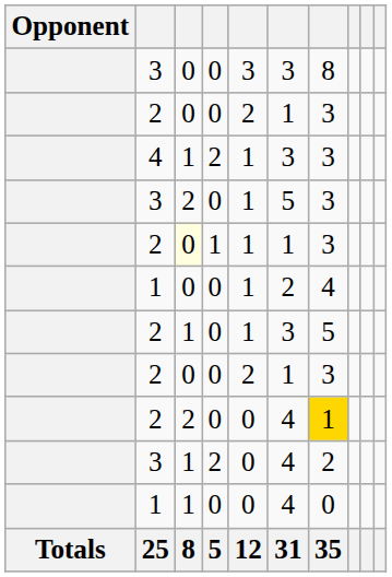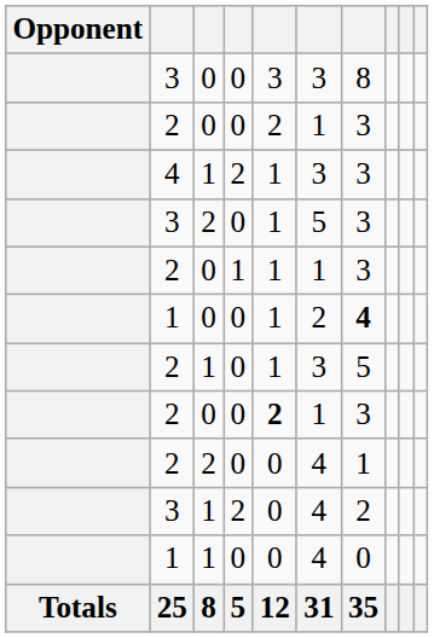 <table class="wikitable plainrowheaders sortable" style="text-align:center">
 <tr>
 <th scope=col>Opponent</th>
 <th scope=col></th>
 <th scope=col></th>
 <th scope=col></th>
 <th scope=col></th>
 <th scope=col></th>
 <th scope=col></th>
 <th scope=col></th>
 <th scope=col></th>
 <th scope=col></th>
 </tr>
 <tr>
 <th scope=row style="text-align:left;"></th>
 <td>3</td>
 <td>0</td>
 <td>0</td>
 <td>3</td>
 <td>3</td>
 <td>8</td>
 <td></td>
 <td></td>
 <td></td>
 </tr>
 <tr>
 <th scope=row style="text-align:left;"></th>
 <td>2</td>
 <td>0</td>
 <td>0</td>
 <td>2</td>
 <td>1</td>
 <td>3</td>
 <td></td>
 <td></td>
 <td></td>
 </tr>
 <tr>
 <th scope=row style="text-align:left;"></th>
 <td>4</td>
 <td>1</td>
 <td>2</td>
 <td>1</td>
 <td>3</td>
 <td>3</td>
 <td></td>
 <td></td>
 <td></td>
 </tr>
 <tr>
 <th scope=row style="text-align:left;"></th>
 <td>3</td>
 <td>2</td>
 <td>0</td>
 <td>1</td>
 <td>5</td>
 <td>3</td>
 <td></td>
 <td></td>
 <td></td>
 </tr>
 <tr>
 <th scope=row style="text-align:left;"></th>
 <td>2</td>
-<td style="background: lightyellow;">0</td>
+<td>0</td>
 <td>1</td>
 <td>1</td>
 <td>1</td>
 <td>3</td>
 <td></td>
 <td></td>
 <td></td>
 </tr>
 <tr>
 <th scope=row style="text-align:left;"></th>
 <td>1</td>
 <td>0</td>
 <td>0</td>
 <td>1</td>
 <td>2</td>
-<td>4</td>
+<td><strong>4</strong></td>
 <td></td>
 <td></td>
 <td></td>
 </tr>
 <tr>
 <th scope=row style="text-align:left;"></th>
 <td>2</td>
 <td>1</td>
 <td>0</td>
 <td>1</td>
 <td>3</td>
 <td>5</td>
 <td></td>
 <td></td>
 <td></td>
 </tr>
 <tr>
 <th scope=row style="text-align:left;"></th>
 <td>2</td>
 <td>0</td>
 <td>0</td>
-<td>2</td>
+<td><strong>2</strong></td>
 <td>1</td>
 <td>3</td>
 <td></td>
 <td></td>
 <td></td>
 </tr>
 <tr>
 <th scope=row style="text-align:left;"></th>
 <td>2</td>
 <td>2</td>
 <td>0</td>
 <td>0</td>
 <td>4</td>
-<td style="background: gold;">1</td>
+<td>1</td>
 <td></td>
 <td></td>
 <td></td>
 </tr>
 <tr>
 <th scope=row style="text-align:left;"></th>
 <td>3</td>
 <td>1</td>
 <td>2</td>
 <td>0</td>
 <td>4</td>
 <td>2</td>
 <td></td>
 <td></td>
 <td></td>
 </tr>
 <tr>
 <th scope=row style="text-align:left;"></th>
 <td>1</td>
 <td>1</td>
 <td>0</td>
 <td>0</td>
 <td>4</td>
 <td>0</td>
 <td></td>
 <td></td>
 <td></td>
 </tr>
 <tr class="sortbottom">
 <th>Totals</th>
 <th>25</th>
 <th>8</th>
 <th>5</th>
 <th>12</th>
 <th>31</th>
 <th>35</th>
 <th></th>
 <th></th>
 <th></th>
 </tr>
 </table>
